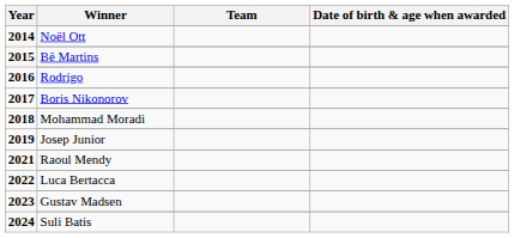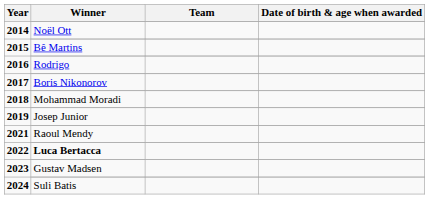 <table class="wikitable">
 <tr>
 <th>Year</th>
 <th width=160>Winner</th>
 <th width=160>Team</th>
 <th>Date of birth & age when awarded</th>
 </tr>
 <tr>
 <td rowspan="2" style="text-align:center;"><strong>2014</strong></td>
 </tr>
 <tr>
 <td><a href='#'>Noël Ott</a></td>
 <td></td>
 <td></td>
 </tr>
 <tr>
 <td rowspan="2" style="text-align:center;"><strong>2015</strong></td>
 </tr>
 <tr>
 <td><a href='#'>Bê Martins</a></td>
 <td></td>
 <td></td>
 </tr>
 <tr>
 <td rowspan=2 style="text-align:center;"><strong>2016</strong></td>
 </tr>
 <tr>
 <td><a href='#'>Rodrigo</a></td>
 <td></td>
 <td></td>
 </tr>
 <tr>
 <td rowspan="2" style="text-align:center;"><strong>2017</strong></td>
 </tr>
 <tr>
 <td><a href='#'>Boris Nikonorov</a></td>
 <td></td>
 <td></td>
 </tr>
 <tr>
 <td rowspan="2" style="text-align:center;"><strong>2018</strong></td>
 </tr>
 <tr>
 <td>Mohammad Moradi</td>
 <td></td>
 <td></td>
 </tr>
 <tr>
 <td rowspan="2" style="text-align:center;"><strong>2019</strong></td>
 </tr>
 <tr>
 <td>Josep Junior</td>
 <td></td>
 <td></td>
 </tr>
 <tr>
 <td rowspan="2" style="text-align:center;"><strong>2021</strong></td>
 </tr>
 <tr>
 <td>Raoul Mendy</td>
 <td></td>
 <td></td>
 </tr>
 <tr>
 <td rowspan="2" style="text-align:center;"><strong>2022</strong></td>
 </tr>
 <tr>
-<td>Luca Bertacca</td>
+<td><strong>Luca Bertacca</strong></td>
 <td></td>
 <td></td>
 </tr>
 <tr>
 <td rowspan="2" style="text-align:center;"><strong>2023</strong></td>
 </tr>
 <tr>
 <td>Gustav Madsen</td>
 <td></td>
 <td></td>
 </tr>
 <tr>
 <td rowspan="2" style="text-align:center;"><strong>2024</strong></td>
 </tr>
 <tr>
 <td>Suli Batis</td>
 <td></td>
 <td></td>
 </tr>
 </table>
